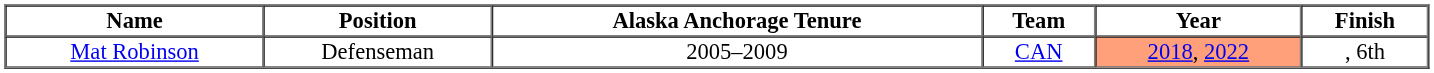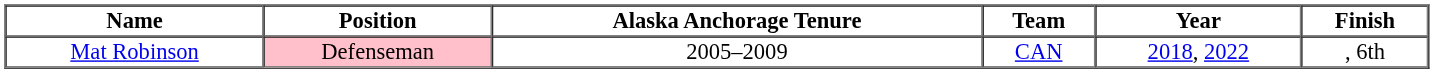 <table cellpadding="1" border="1" cellspacing="0" width="80%">
 <tr>
 <th>Name</th>
 <th>Position</th>
 <th>Alaska Anchorage Tenure</th>
 <th>Team</th>
 <th>Year</th>
 <th>Finish</th>
 </tr>
 <tr align="center">
 <td><a href='#'>Mat Robinson</a></td>
-<td>Defenseman</td>
+<td style="background: pink;">Defenseman</td>
 <td>2005–2009</td>
 <td> <a href='#'>CAN</a></td>
-<td style="background: lightsalmon;"><a href='#'>2018</a>, <a href='#'>2022</a></td>
+<td><a href='#'>2018</a>, <a href='#'>2022</a></td>
 <td>, 6th</td>
 </tr>
 <tr align="center">
 </tr>
 </table>
